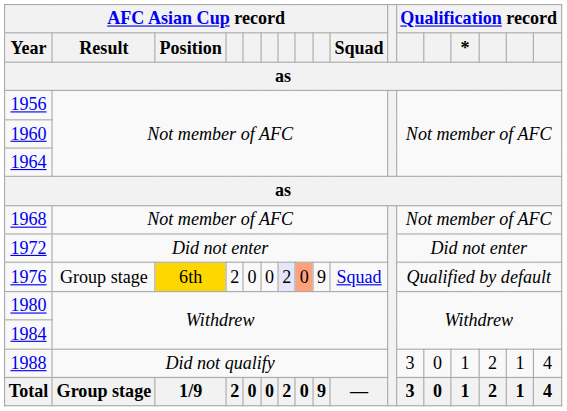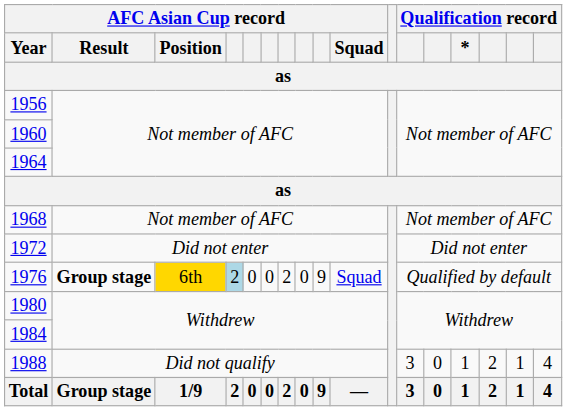 <table class="wikitable" style="text-align: center;">
 <tr>
 <th colspan=10><a href='#'>AFC Asian Cup</a> record</th>
 <th rowspan="2"></th>
 <th colspan=6><a href='#'>Qualification</a> record</th>
 </tr>
 <tr>
 <th>Year</th>
 <th>Result</th>
 <th>Position</th>
 <th></th>
 <th></th>
 <th></th>
 <th></th>
 <th></th>
 <th></th>
 <th>Squad</th>
 <th></th>
 <th></th>
 <th>*</th>
 <th></th>
 <th></th>
 <th></th>
 </tr>
 <tr>
 <th colspan=17>as </th>
 </tr>
 <tr>
 <td> <a href='#'>1956</a></td>
 <td rowspan=3 colspan=9><em>Not member of AFC</em></td>
 <th rowspan=3></th>
 <td rowspan=3 colspan=6><em>Not member of AFC</em></td>
 </tr>
 <tr>
 <td> <a href='#'>1960</a></td>
 </tr>
 <tr>
 <td> <a href='#'>1964</a></td>
 </tr>
 <tr>
 <th colspan=17>as </th>
 </tr>
 <tr>
 <td> <a href='#'>1968</a></td>
 <td colspan=9><em>Not member of AFC</em></td>
 <th rowspan=7></th>
 <td colspan=6><em>Not member of AFC</em></td>
 </tr>
 <tr>
 <td> <a href='#'>1972</a></td>
 <td colspan=9><em>Did not enter</em></td>
 <td colspan=6><em>Did not enter</em></td>
 </tr>
 <tr>
 <td> <a href='#'>1976</a></td>
-<td>Group stage</td>
+<td><strong>Group stage</strong></td>
 <td style="background: gold;">6th</td>
+<td style="background: lightblue;">2</td>
+<td>0</td>
+<td>0</td>
 <td>2</td>
 <td>0</td>
-<td>0</td>
-<td style="background: lavender;">2</td>
-<td style="background: lightsalmon;">0</td>
 <td>9</td>
 <td><a href='#'>Squad</a></td>
 <td colspan=6><em>Qualified by default</em></td>
 </tr>
 <tr>
 <td> <a href='#'>1980</a></td>
 <td rowspan=2 colspan=9><em>Withdrew</em></td>
 <td rowspan=2 colspan=6><em>Withdrew</em></td>
 </tr>
 <tr>
 <td> <a href='#'>1984</a></td>
 </tr>
 <tr>
 <td> <a href='#'>1988</a></td>
 <td colspan=9><em>Did not qualify</em></td>
 <td>3</td>
 <td>0</td>
 <td>1</td>
 <td>2</td>
 <td>1</td>
 <td>4</td>
 </tr>
 <tr>
 <th>Total</th>
 <th>Group stage</th>
 <th>1/9</th>
 <th>2</th>
 <th>0</th>
 <th>0</th>
 <th>2</th>
 <th>0</th>
 <th>9</th>
 <th>—</th>
 <th>3</th>
 <th>0</th>
 <th>1</th>
 <th>2</th>
 <th>1</th>
 <th>4</th>
 </tr>
 </table>
